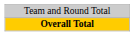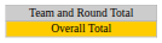 <table class="wikitable" style="text-align:center; line-height: 90%; font-size:90%;" width=15% align=right>
 <tr>
 <td bgcolor=#cccccc align=center>Team and Round Total</td>
 </tr>
 <tr>
-<td bgcolor=#ffcc00 align=center><strong>Overall Total</strong></td>
+<td bgcolor=#ffcc00 align=center>Overall Total</td>
 </tr>
 </table>
